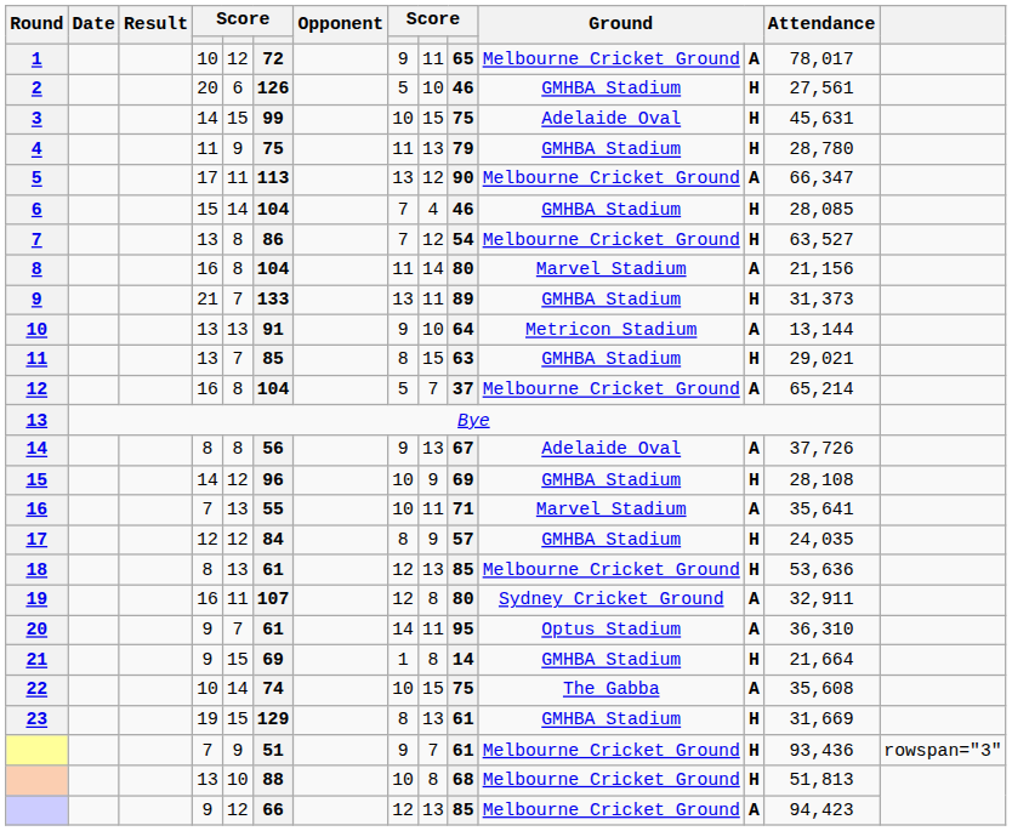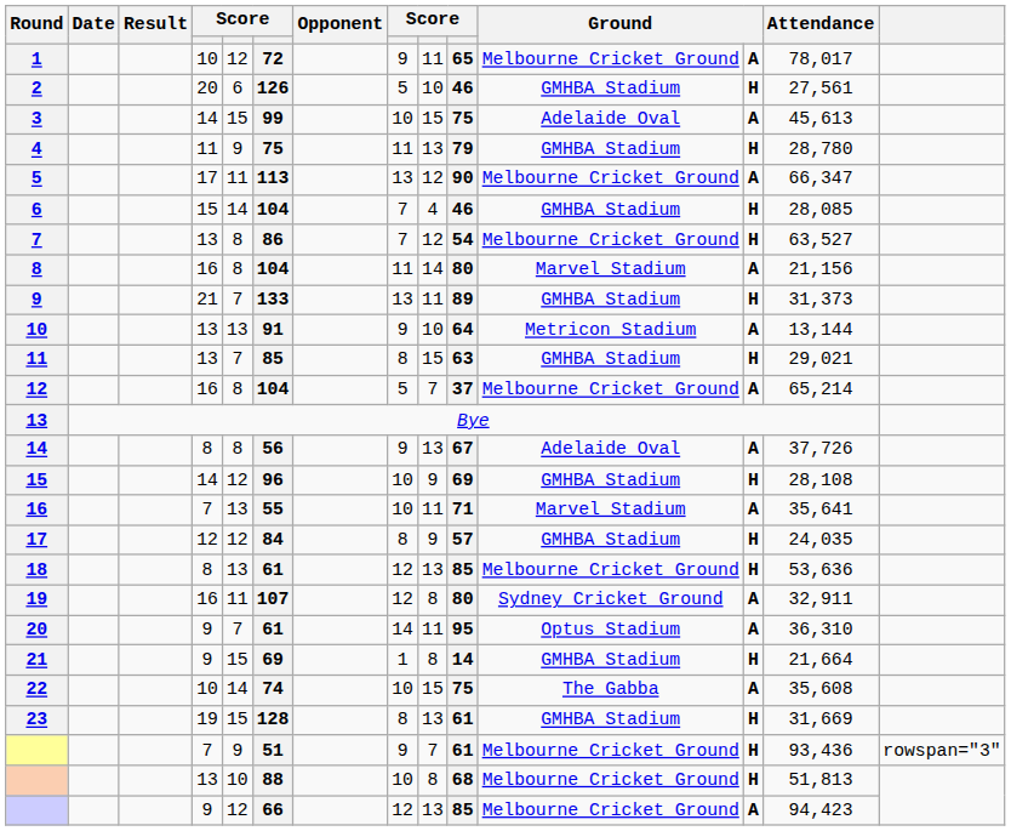 <table class="wikitable plainrowheaders sortable" style="font-size:90%; text-align:center;">
 <tr>
 <th scope="col" rowspan="2">Round</th>
 <th scope="col" rowspan="2">Date</th>
 <th scope="col" rowspan="2">Result</th>
 <th scope="col" colspan="3">Score</th>
 <th scope="col" rowspan="2">Opponent</th>
 <th scope="col" colspan="3">Score</th>
 <th scope="col" rowspan="2" colspan="2">Ground</th>
 <th scope="col" rowspan="2">Attendance</th>
 <th scope="col" rowspan="2"></th>
 </tr>
 <tr>
 <th scope="col"></th>
 <th scope="col"></th>
 <th scope="col"></th>
 <th scope="col"></th>
 <th scope="col"></th>
 <th scope="col"></th>
 </tr>
 <tr>
 <th scope="row" style="text-align:center;"><a href='#'>1</a></th>
 <td></td>
 <td></td>
 <td>10</td>
 <td>12</td>
 <th>72</th>
 <td></td>
 <td>9</td>
 <td>11</td>
 <th>65</th>
 <td><a href='#'>Melbourne Cricket Ground</a></td>
 <td><strong>A</strong></td>
 <td>78,017</td>
 <td></td>
 </tr>
 <tr>
 <th scope="row" style="text-align:center;"><a href='#'>2</a></th>
 <td></td>
 <td></td>
 <td>20</td>
 <td>6</td>
 <th>126</th>
 <td></td>
 <td>5</td>
 <td>10</td>
 <th>46</th>
 <td><a href='#'>GMHBA Stadium</a></td>
 <td><strong>H</strong></td>
 <td>27,561</td>
 <td></td>
 </tr>
 <tr>
 <th scope="row" style="text-align:center;"><a href='#'>3</a></th>
 <td></td>
 <td></td>
 <td>14</td>
 <td>15</td>
 <th>99</th>
 <td></td>
 <td>10</td>
 <td>15</td>
 <th>75</th>
 <td><a href='#'>Adelaide Oval</a></td>
-<td><strong>H</strong></td>
-<td>45,631</td>
+<td><strong>A</strong></td>
+<td>45,613</td>
 <td></td>
 </tr>
 <tr>
 <th scope="row" style="text-align:center;"><a href='#'>4</a></th>
 <td></td>
 <td></td>
 <td>11</td>
 <td>9</td>
 <th>75</th>
 <td></td>
 <td>11</td>
 <td>13</td>
 <th>79</th>
 <td><a href='#'>GMHBA Stadium</a></td>
 <td><strong>H</strong></td>
 <td>28,780</td>
 <td></td>
 </tr>
 <tr>
 <th scope="row" style="text-align:center;"><a href='#'>5</a></th>
 <td></td>
 <td></td>
 <td>17</td>
 <td>11</td>
 <th>113</th>
 <td></td>
 <td>13</td>
 <td>12</td>
 <th>90</th>
 <td><a href='#'>Melbourne Cricket Ground</a></td>
 <td><strong>A</strong></td>
 <td>66,347</td>
 <td></td>
 </tr>
 <tr>
 <th scope="row" style="text-align:center;"><a href='#'>6</a></th>
 <td></td>
 <td></td>
 <td>15</td>
 <td>14</td>
 <th>104</th>
 <td></td>
 <td>7</td>
 <td>4</td>
 <th>46</th>
 <td><a href='#'>GMHBA Stadium</a></td>
 <td><strong>H</strong></td>
 <td>28,085</td>
 <td></td>
 </tr>
 <tr>
 <th scope="row" style="text-align:center;"><a href='#'>7</a></th>
 <td></td>
 <td></td>
 <td>13</td>
 <td>8</td>
 <th>86</th>
 <td></td>
 <td>7</td>
 <td>12</td>
 <th>54</th>
 <td><a href='#'>Melbourne Cricket Ground</a></td>
 <td><strong>H</strong></td>
 <td>63,527</td>
 <td></td>
 </tr>
 <tr>
 <th scope="row" style="text-align:center;"><a href='#'>8</a></th>
 <td></td>
 <td></td>
 <td>16</td>
 <td>8</td>
 <th>104</th>
 <td></td>
 <td>11</td>
 <td>14</td>
 <th>80</th>
 <td><a href='#'>Marvel Stadium</a></td>
 <td><strong>A</strong></td>
 <td>21,156</td>
 <td></td>
 </tr>
 <tr>
 <th scope="row" style="text-align:center;"><a href='#'>9</a></th>
 <td></td>
 <td></td>
 <td>21</td>
 <td>7</td>
 <th>133</th>
 <td></td>
 <td>13</td>
 <td>11</td>
 <th>89</th>
 <td><a href='#'>GMHBA Stadium</a></td>
 <td><strong>H</strong></td>
 <td>31,373</td>
 <td></td>
 </tr>
 <tr>
 <th scope="row" style="text-align:center;"><a href='#'>10</a></th>
 <td></td>
 <td></td>
 <td>13</td>
 <td>13</td>
 <th>91</th>
 <td></td>
 <td>9</td>
 <td>10</td>
 <th>64</th>
 <td><a href='#'>Metricon Stadium</a></td>
 <td><strong>A</strong></td>
 <td>13,144</td>
 <td></td>
 </tr>
 <tr>
 <th scope="row" style="text-align:center;"><a href='#'>11</a></th>
 <td></td>
 <td></td>
 <td>13</td>
 <td>7</td>
 <th>85</th>
 <td></td>
 <td>8</td>
 <td>15</td>
 <th>63</th>
 <td><a href='#'>GMHBA Stadium</a></td>
 <td><strong>H</strong></td>
 <td>29,021</td>
 <td></td>
 </tr>
 <tr>
 <th scope="row" style="text-align:center;"><a href='#'>12</a></th>
 <td></td>
 <td></td>
 <td>16</td>
 <td>8</td>
 <th>104</th>
 <td></td>
 <td>5</td>
 <td>7</td>
 <th>37</th>
 <td><a href='#'>Melbourne Cricket Ground</a></td>
 <td><strong>A</strong></td>
 <td>65,214</td>
 <td></td>
 </tr>
 <tr>
 <th scope="row" style="text-align:center;"><a href='#'>13</a></th>
 <td colspan="12"> <em><a href='#'>Bye</a></em></td>
 <td></td>
 </tr>
 <tr>
 <th scope="row" style="text-align:center;"><a href='#'>14</a></th>
 <td></td>
 <td></td>
 <td>8</td>
 <td>8</td>
 <th>56</th>
 <td></td>
 <td>9</td>
 <td>13</td>
 <th>67</th>
 <td><a href='#'>Adelaide Oval</a></td>
 <td><strong>A</strong></td>
 <td>37,726</td>
 <td></td>
 </tr>
 <tr>
 <th scope="row" style="text-align:center;"><a href='#'>15</a></th>
 <td></td>
 <td></td>
 <td>14</td>
 <td>12</td>
 <th>96</th>
 <td></td>
 <td>10</td>
 <td>9</td>
 <th>69</th>
 <td><a href='#'>GMHBA Stadium</a></td>
 <td><strong>H</strong></td>
 <td>28,108</td>
 <td></td>
 </tr>
 <tr>
 <th scope="row" style="text-align:center;"><a href='#'>16</a></th>
 <td></td>
 <td></td>
 <td>7</td>
 <td>13</td>
 <th>55</th>
 <td></td>
 <td>10</td>
 <td>11</td>
 <th>71</th>
 <td><a href='#'>Marvel Stadium</a></td>
 <td><strong>A</strong></td>
 <td>35,641</td>
 <td></td>
 </tr>
 <tr>
 <th scope="row" style="text-align:center;"><a href='#'>17</a></th>
 <td></td>
 <td></td>
 <td>12</td>
 <td>12</td>
 <th>84</th>
 <td></td>
 <td>8</td>
 <td>9</td>
 <th>57</th>
 <td><a href='#'>GMHBA Stadium</a></td>
 <td><strong>H</strong></td>
 <td>24,035</td>
 <td></td>
 </tr>
 <tr>
 <th scope="row" style="text-align:center;"><a href='#'>18</a></th>
 <td></td>
 <td></td>
 <td>8</td>
 <td>13</td>
 <th>61</th>
 <td></td>
 <td>12</td>
 <td>13</td>
 <th>85</th>
 <td><a href='#'>Melbourne Cricket Ground</a></td>
 <td><strong>H</strong></td>
 <td>53,636</td>
 <td></td>
 </tr>
 <tr>
 <th scope="row" style="text-align:center;"><a href='#'>19</a></th>
 <td></td>
 <td></td>
 <td>16</td>
 <td>11</td>
 <th>107</th>
 <td></td>
 <td>12</td>
 <td>8</td>
 <th>80</th>
 <td><a href='#'>Sydney Cricket Ground</a></td>
 <td><strong>A</strong></td>
 <td>32,911</td>
 <td></td>
 </tr>
 <tr>
 <th scope="row" style="text-align:center;"><a href='#'>20</a></th>
 <td></td>
 <td></td>
 <td>9</td>
 <td>7</td>
 <th>61</th>
 <td></td>
 <td>14</td>
 <td>11</td>
 <th>95</th>
 <td><a href='#'>Optus Stadium</a></td>
 <td><strong>A</strong></td>
 <td>36,310</td>
 <td></td>
 </tr>
 <tr>
 <th scope="row" style="text-align:center;"><a href='#'>21</a></th>
 <td></td>
 <td></td>
 <td>9</td>
 <td>15</td>
 <th>69</th>
 <td></td>
 <td>1</td>
 <td>8</td>
 <th>14</th>
 <td><a href='#'>GMHBA Stadium</a></td>
 <td><strong>H</strong></td>
 <td>21,664</td>
 <td></td>
 </tr>
 <tr>
 <th scope="row" style="text-align:center;"><a href='#'>22</a></th>
 <td></td>
 <td></td>
 <td>10</td>
 <td>14</td>
 <th>74</th>
 <td></td>
 <td>10</td>
 <td>15</td>
 <th>75</th>
 <td><a href='#'>The Gabba</a></td>
 <td><strong>A</strong></td>
 <td>35,608</td>
 <td></td>
 </tr>
 <tr>
 <th scope="row" style="text-align:center;"><a href='#'>23</a></th>
 <td></td>
 <td></td>
 <td>19</td>
 <td>15</td>
-<th>129</th>
+<th>128</th>
 <td></td>
 <td>8</td>
 <td>13</td>
 <th>61</th>
 <td><a href='#'>GMHBA Stadium</a></td>
 <td><strong>H</strong></td>
 <td>31,669</td>
 <td></td>
 </tr>
 <tr>
 <th scope="row" style="background:#ff9; text-align:center;"></th>
 <td></td>
 <td></td>
 <td>7</td>
 <td>9</td>
 <th>51</th>
 <td></td>
 <td>9</td>
 <td>7</td>
 <th>61</th>
 <td><a href='#'>Melbourne Cricket Ground</a></td>
 <td><strong>H</strong></td>
 <td>93,436</td>
 <td>rowspan="3" </td>
 </tr>
 <tr>
 <th scope="row" style="background:#FBCEB1; text-align:center;"></th>
 <td></td>
 <td></td>
 <td>13</td>
 <td>10</td>
 <th>88</th>
 <td></td>
 <td>10</td>
 <td>8</td>
 <th>68</th>
 <td><a href='#'>Melbourne Cricket Ground</a></td>
 <td><strong>H</strong></td>
 <td>51,813</td>
 </tr>
 <tr>
 <th scope="row" style="background:#CCCCFF; text-align:center;"></th>
 <td></td>
 <td></td>
 <td>9</td>
 <td>12</td>
 <th>66</th>
 <td></td>
 <td>12</td>
 <td>13</td>
 <th>85</th>
 <td><a href='#'>Melbourne Cricket Ground</a></td>
 <td><strong>A</strong></td>
 <td>94,423</td>
 </tr>
 </table>
